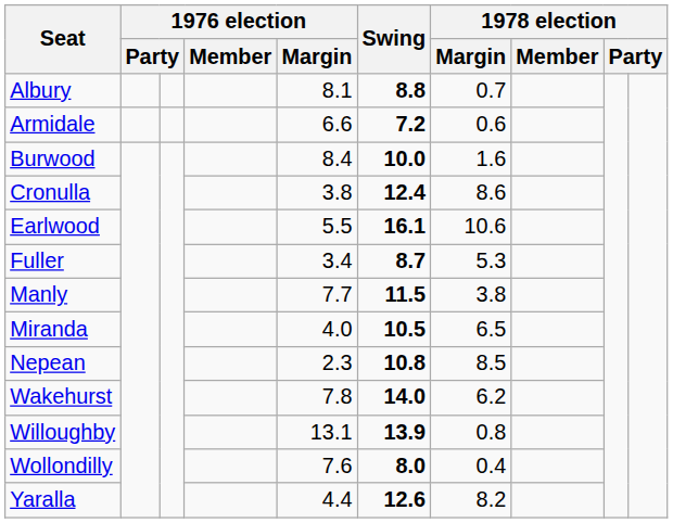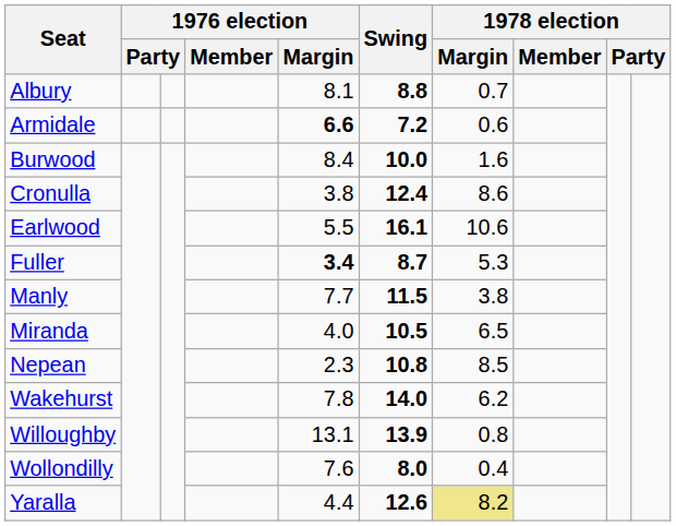 <table class="wikitable sortable">
 <tr>
 <th rowspan="2">Seat</th>
 <th colspan="4">1976 election</th>
 <th rowspan="2">Swing</th>
 <th colspan="4">1978 election</th>
 </tr>
 <tr>
 <th colspan="2">Party</th>
 <th>Member</th>
 <th>Margin</th>
 <th>Margin</th>
 <th>Member</th>
 <th colspan="2">Party</th>
 </tr>
 <tr>
 <td><a href='#'>Albury</a></td>
 <td> </td>
 <td></td>
 <td><em></em></td>
 <td style="text-align:right;">8.1</td>
 <td style="text-align:right;"><strong>8.8</strong></td>
 <td style="text-align:right;">0.7</td>
 <td></td>
 <td rowspan=13></td>
 <td rowspan=13 > </td>
 </tr>
 <tr>
 <td><a href='#'>Armidale</a></td>
 <td> </td>
 <td></td>
 <td></td>
-<td style="text-align:right;">6.6</td>
+<td style="text-align:right;"><strong>6.6</strong></td>
 <td style="text-align:right;"><strong>7.2</strong></td>
 <td style="text-align:right;">0.6</td>
 <td></td>
 </tr>
 <tr>
 <td><a href='#'>Burwood</a></td>
 <td rowspan=11 > </td>
 <td rowspan=11></td>
 <td></td>
 <td style="text-align:right;">8.4</td>
 <td style="text-align:right;"><strong>10.0</strong></td>
 <td style="text-align:right;">1.6</td>
 <td></td>
 </tr>
 <tr>
 <td><a href='#'>Cronulla</a></td>
 <td><em></em></td>
 <td style="text-align:right;">3.8</td>
 <td style="text-align:right;"><strong>12.4</strong></td>
 <td style="text-align:right;">8.6</td>
 <td></td>
 </tr>
 <tr>
 <td><a href='#'>Earlwood</a></td>
 <td></td>
 <td style="text-align:right;">5.5</td>
 <td style="text-align:right;"><strong>16.1</strong></td>
 <td style="text-align:right;">10.6</td>
 <td></td>
 </tr>
 <tr>
 <td><a href='#'>Fuller</a></td>
 <td></td>
-<td style="text-align:right;">3.4</td>
+<td style="text-align:right;"><strong>3.4</strong></td>
 <td style="text-align:right;"><strong>8.7</strong></td>
 <td style="text-align:right;">5.3</td>
 <td></td>
 </tr>
 <tr>
 <td><a href='#'>Manly</a></td>
 <td><em></em></td>
 <td style="text-align:right;">7.7</td>
 <td style="text-align:right;"><strong>11.5</strong></td>
 <td style="text-align:right;">3.8</td>
 <td></td>
 </tr>
 <tr>
 <td><a href='#'>Miranda</a></td>
 <td></td>
 <td style="text-align:right;">4.0</td>
 <td style="text-align:right;"><strong>10.5</strong></td>
 <td style="text-align:right;">6.5</td>
 <td></td>
 </tr>
 <tr>
 <td><a href='#'>Nepean</a></td>
 <td></td>
 <td style="text-align:right;">2.3</td>
 <td style="text-align:right;"><strong>10.8</strong></td>
 <td style="text-align:right;">8.5</td>
 <td></td>
 </tr>
 <tr>
 <td><a href='#'>Wakehurst</a></td>
 <td></td>
 <td style="text-align:right;">7.8</td>
 <td style="text-align:right;"><strong>14.0</strong></td>
 <td style="text-align:right;">6.2</td>
 <td></td>
 </tr>
 <tr>
 <td><a href='#'>Willoughby</a></td>
 <td></td>
 <td style="text-align:right;">13.1</td>
 <td style="text-align:right;"><strong>13.9</strong></td>
 <td style="text-align:right;">0.8</td>
 <td></td>
 </tr>
 <tr>
 <td><a href='#'>Wollondilly</a></td>
 <td><em></em></td>
 <td style="text-align:right;">7.6</td>
 <td style="text-align:right;"><strong>8.0</strong></td>
 <td style="text-align:right;">0.4</td>
 <td></td>
 </tr>
 <tr>
 <td><a href='#'>Yaralla</a></td>
 <td></td>
 <td style="text-align:right;">4.4</td>
 <td style="text-align:right;"><strong>12.6</strong></td>
-<td style="text-align:right;">8.2</td>
+<td style="background: khaki; text-align:right;">8.2</td>
 <td></td>
 </tr>
 </table>
